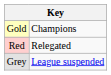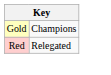 <table class="wikitable" style="font-size:85%">
 <tr>
 <th colspan=2>Key</th>
 </tr>
 <tr>
 <td bgcolor="#ffffbf" style="text-align: center;">Gold</td>
 <td>Champions</td>
 </tr>
 <tr>
 <td bgcolor="#ffcfcf" style="text-align: center;">Red</td>
 <td>Relegated</td>
 </tr>
-<tr>
-<td bgcolor="#e2e2e2" style="text-align: center;">Grey</td>
-<td><a href='#'>League suspended</a></td>
-</tr>
 </table>
